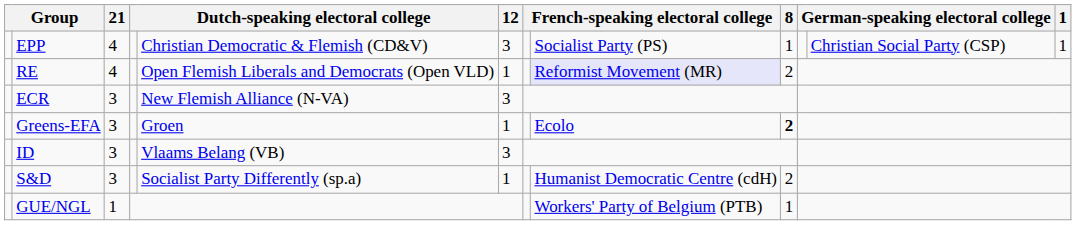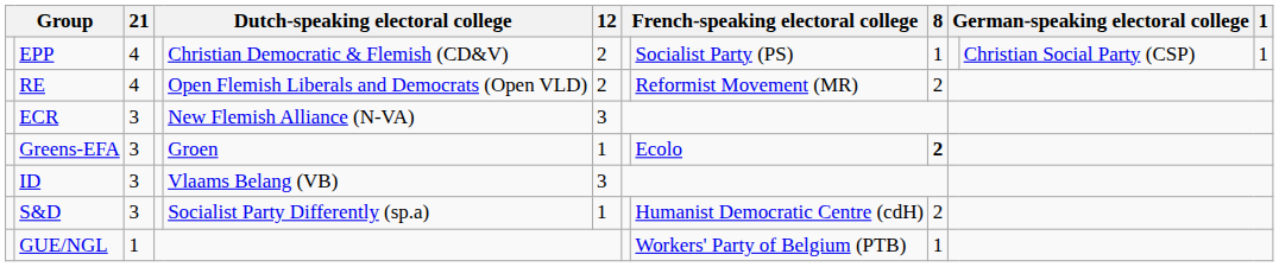 <table class="wikitable" style="text-align:left;">
 <tr>
 <th colspan="2">Group</th>
 <th>21</th>
 <th colspan="2">Dutch-speaking electoral college</th>
 <th>12</th>
 <th colspan="2">French-speaking electoral college</th>
 <th>8</th>
 <th colspan="2">German-speaking electoral college</th>
 <th>1</th>
 </tr>
 <tr>
 <td style="background-color: "></td>
 <td><a href='#'>EPP</a></td>
 <td>4</td>
 <td style="background-color: "></td>
 <td><a href='#'>Christian Democratic & Flemish</a> (CD&V)</td>
-<td>3</td>
+<td>2</td>
 <td style="background-color: "></td>
 <td><a href='#'>Socialist Party</a> (PS)</td>
 <td>1</td>
 <td style="background-color: "></td>
 <td><a href='#'>Christian Social Party</a> (CSP)</td>
 <td>1</td>
 </tr>
 <tr>
 <td style="background-color: "></td>
 <td><a href='#'>RE</a></td>
 <td>4</td>
 <td style="background-color: "></td>
 <td><a href='#'>Open Flemish Liberals and Democrats</a> (Open VLD)</td>
-<td>1</td>
+<td>2</td>
 <td style="background-color: "></td>
-<td style="background: lavender;"><a href='#'>Reformist Movement</a> (MR)</td>
+<td><a href='#'>Reformist Movement</a> (MR)</td>
 <td>2</td>
 <td colspan="3"></td>
 </tr>
 <tr>
 <td style="background-color: "></td>
 <td><a href='#'>ECR</a></td>
 <td>3</td>
 <td style="background-color: "></td>
 <td><a href='#'>New Flemish Alliance</a> (N-VA)</td>
 <td>3</td>
 <td colspan="3"></td>
 <td colspan="3"></td>
 </tr>
 <tr>
 <td style="background-color: "></td>
 <td><a href='#'>Greens-EFA</a></td>
 <td>3</td>
 <td style="background-color: "></td>
 <td><a href='#'>Groen</a></td>
 <td>1</td>
 <td style="background-color: "></td>
 <td><a href='#'>Ecolo</a></td>
 <td><strong>2</strong></td>
 <td colspan="3"></td>
 </tr>
 <tr>
 <td style="background-color: "></td>
 <td><a href='#'>ID</a></td>
 <td>3</td>
 <td style="background-color: "></td>
 <td><a href='#'>Vlaams Belang</a> (VB)</td>
 <td>3</td>
 <td colspan="3"></td>
 <td colspan="3"></td>
 </tr>
 <tr>
 <td style="background-color: "></td>
 <td><a href='#'>S&D</a></td>
 <td>3</td>
 <td style="background-color: "></td>
 <td><a href='#'>Socialist Party Differently</a> (sp.a)</td>
 <td>1</td>
 <td style="background-color: "></td>
 <td><a href='#'>Humanist Democratic Centre</a> (cdH)</td>
 <td>2</td>
 <td colspan="3"></td>
 </tr>
 <tr>
 <td style="background-color: "></td>
 <td><a href='#'>GUE/NGL</a></td>
 <td>1</td>
 <td colspan="3"></td>
 <td style="background-color: "></td>
 <td><a href='#'>Workers' Party of Belgium</a> (PTB)</td>
 <td>1</td>
 <td colspan="3"></td>
 </tr>
 </table>
